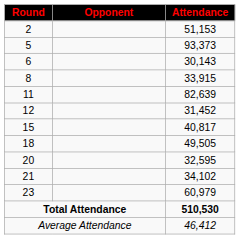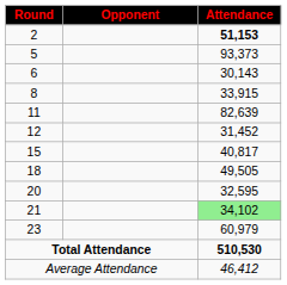 <table class="wikitable sortable" style="text-align:center; font-size:90%">
 <tr>
 <th style="width:60px; background:#000; color:red; text-align:center;">Round</th>
 <th style="width:150px; background:#000; color:red; text-align:center;" class="unsortable">Opponent</th>
 <th style="width:90px; background:#000; color:red; text-align:center;">Attendance</th>
 </tr>
 <tr>
 <td>2</td>
 <td></td>
-<td>51,153</td>
+<td><strong>51,153</strong></td>
 </tr>
 <tr>
 <td>5</td>
 <td></td>
 <td>93,373</td>
 </tr>
 <tr>
 <td>6</td>
 <td></td>
 <td>30,143</td>
 </tr>
 <tr>
 <td>8</td>
 <td></td>
 <td>33,915</td>
 </tr>
 <tr>
 <td>11</td>
 <td></td>
 <td>82,639</td>
 </tr>
 <tr>
 <td>12</td>
 <td></td>
 <td>31,452</td>
 </tr>
 <tr>
 <td>15</td>
 <td></td>
 <td>40,817</td>
 </tr>
 <tr>
 <td>18</td>
 <td></td>
 <td>49,505</td>
 </tr>
 <tr>
 <td>20</td>
 <td></td>
 <td>32,595</td>
 </tr>
 <tr>
 <td>21</td>
 <td></td>
-<td>34,102</td>
+<td style="background: lightgreen;">34,102</td>
 </tr>
 <tr>
 <td>23</td>
 <td></td>
 <td>60,979</td>
 </tr>
 <tr class="sortbottom">
 <td colspan="2"><strong>Total Attendance</strong></td>
 <td><strong>510,530</strong></td>
 </tr>
 <tr class="sortbottom">
 <td colspan="2"><em>Average Attendance</em></td>
 <td><em>46,412</em></td>
 </tr>
 </table>
